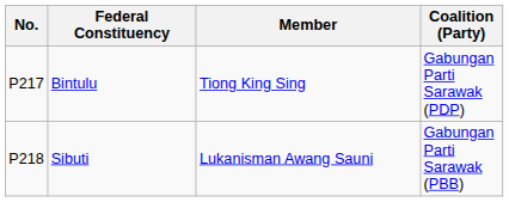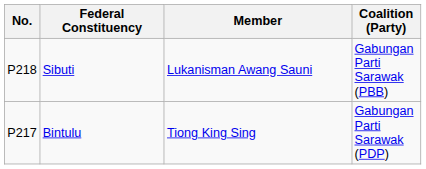 <table class="wikitable">
 <tr>
 <th width="30">No.</th>
 <th width="150">Federal Constituency</th>
 <th width="230">Member</th>
 <th width="80">Coalition (Party)</th>
 </tr>
 <tr>
+<td>P218</td>
+<td><a href='#'>Sibuti</a></td>
+<td><a href='#'>Lukanisman Awang Sauni</a></td>
+<td><a href='#'>Gabungan Parti Sarawak</a> (<a href='#'>PBB</a>)</td>
+</tr>
+<tr>
 <td>P217</td>
 <td><a href='#'>Bintulu</a></td>
 <td><a href='#'>Tiong King Sing</a></td>
 <td><a href='#'>Gabungan Parti Sarawak</a> (<a href='#'>PDP</a>)</td>
 </tr>
-<tr>
-<td>P218</td>
-<td><a href='#'>Sibuti</a></td>
-<td><a href='#'>Lukanisman Awang Sauni</a></td>
-<td><a href='#'>Gabungan Parti Sarawak</a> (<a href='#'>PBB</a>)</td>
-</tr>
 </table>
